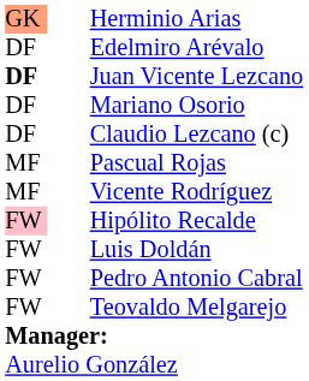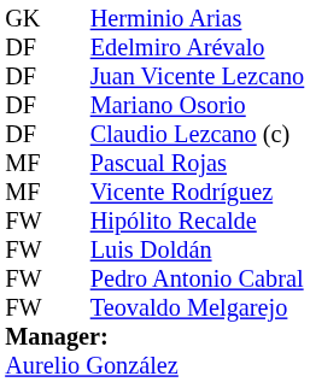 <table style="font-size:90%" cellspacing="0" cellpadding="0" align=center>
 <tr>
 <td colspan="4"></td>
 </tr>
 <tr>
 <th width=25></th>
 <th width=25></th>
 </tr>
 <tr>
-<td style="background: lightsalmon;">GK</td>
+<td>GK</td>
 <td></td>
 <td> <a href='#'>Herminio Arias</a></td>
 </tr>
 <tr>
 <td>DF</td>
 <td></td>
 <td> <a href='#'>Edelmiro Arévalo</a></td>
 </tr>
 <tr>
-<td><strong>DF</strong></td>
+<td>DF</td>
 <td></td>
 <td> <a href='#'>Juan Vicente Lezcano</a> </td>
 </tr>
 <tr>
 <td>DF</td>
 <td></td>
 <td> <a href='#'>Mariano Osorio</a></td>
 </tr>
 <tr>
 <td>DF</td>
 <td></td>
 <td> <a href='#'>Claudio Lezcano</a> (c)</td>
 </tr>
 <tr>
 <td>MF</td>
 <td></td>
 <td> <a href='#'>Pascual Rojas</a></td>
 </tr>
 <tr>
 <td>MF</td>
 <td></td>
 <td> <a href='#'>Vicente Rodríguez</a></td>
 </tr>
 <tr>
-<td style="background: pink;">FW</td>
+<td>FW</td>
 <td></td>
 <td> <a href='#'>Hipólito Recalde</a></td>
 </tr>
 <tr>
 <td>FW</td>
 <td></td>
 <td> <a href='#'>Luis Doldán</a></td>
 </tr>
 <tr>
 <td>FW</td>
 <td></td>
 <td> <a href='#'>Pedro Antonio Cabral</a></td>
 </tr>
 <tr>
 <td>FW</td>
 <td></td>
 <td> <a href='#'>Teovaldo Melgarejo</a></td>
 </tr>
 <tr>
 <td colspan=3><strong>Manager:</strong></td>
 </tr>
 <tr>
 <td colspan=4> <a href='#'>Aurelio González</a></td>
 </tr>
 </table>
